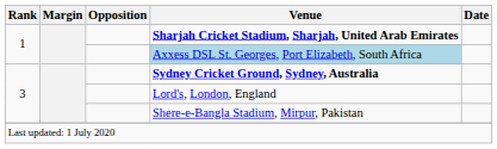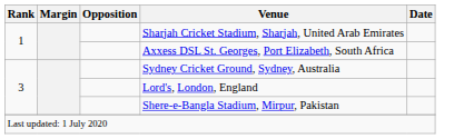 <table class="wikitable plainrowheaders sortable">
 <tr>
 <th scope=col>Rank</th>
 <th scope=col>Margin</th>
 <th scope=col>Opposition</th>
 <th scope=col>Venue</th>
 <th scope=col>Date</th>
 </tr>
 <tr>
 <td align=center rowspan=2>1</td>
 <th scope=row style=text-align:center; rowspan=2></th>
 <td></td>
-<td><strong><a href='#'>Sharjah Cricket Stadium</a>, <a href='#'>Sharjah</a>, United Arab Emirates</strong></td>
+<td><a href='#'>Sharjah Cricket Stadium</a>, <a href='#'>Sharjah</a>, United Arab Emirates</td>
 <td></td>
 </tr>
 <tr>
 <td></td>
-<td style="background: lightblue;"><a href='#'>Axxess DSL St. Georges</a>, <a href='#'>Port Elizabeth</a>, South Africa</td>
+<td><a href='#'>Axxess DSL St. Georges</a>, <a href='#'>Port Elizabeth</a>, South Africa</td>
 <td></td>
 </tr>
 <tr>
 <td align=center rowspan=3>3</td>
 <th scope=row style=text-align:center; rowspan=3></th>
 <td></td>
-<td><strong><a href='#'>Sydney Cricket Ground</a>, <a href='#'>Sydney</a>, Australia</strong></td>
+<td><a href='#'>Sydney Cricket Ground</a>, <a href='#'>Sydney</a>, Australia</td>
 <td></td>
 </tr>
 <tr>
 <td></td>
 <td><a href='#'>Lord's</a>, <a href='#'>London</a>, England</td>
 <td></td>
 </tr>
 <tr>
 <td></td>
 <td><a href='#'>Shere-e-Bangla Stadium</a>, <a href='#'>Mirpur</a>, Pakistan</td>
 <td></td>
 </tr>
 <tr>
 </tr>
 <tr class=sortbottom>
 <td colspan=5><small>Last updated: 1 July 2020</small></td>
 </tr>
 </table>
